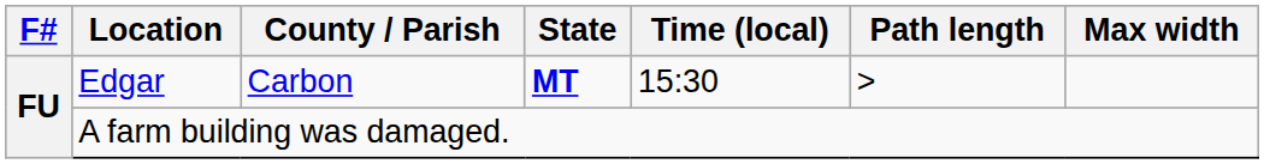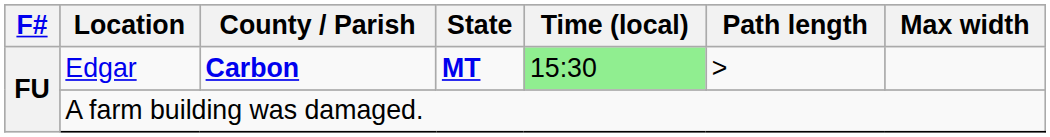 <table class="wikitable sortable" style="width:100%;">
 <tr>
 <th scope="col" align="center"><a href='#'>F#</a><br></th>
 <th scope="col" align="center" class="unsortable">Location</th>
 <th scope="col" align="center" class="unsortable">County / Parish</th>
 <th scope="col" align="center">State</th>
 <th scope="col" align="center">Time (local)</th>
 <th scope="col" align="center">Path length</th>
 <th scope="col" align="center">Max width</th>
 </tr>
 <tr>
 <th scope="row" rowspan="2" style="background-color:#">FU</th>
 <td><a href='#'>Edgar</a></td>
-<td><a href='#'>Carbon</a></td>
+<td><strong><a href='#'>Carbon</a></strong></td>
 <td><strong><a href='#'>MT</a></strong></td>
-<td>15:30</td>
+<td style="background: lightgreen;">15:30</td>
 <td>></td>
 <td></td>
 </tr>
 <tr class="expand-child">
 <td colspan="6" style="border-bottom: 1px solid black;">A farm building was damaged.</td>
 </tr>
 </table>
